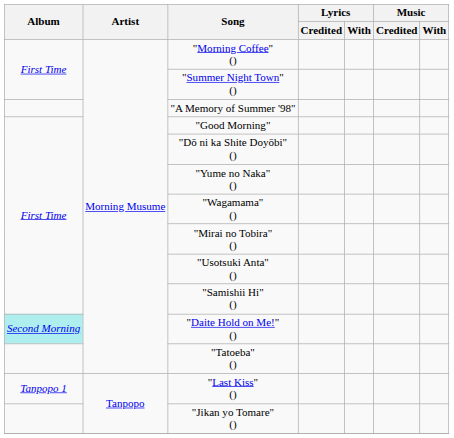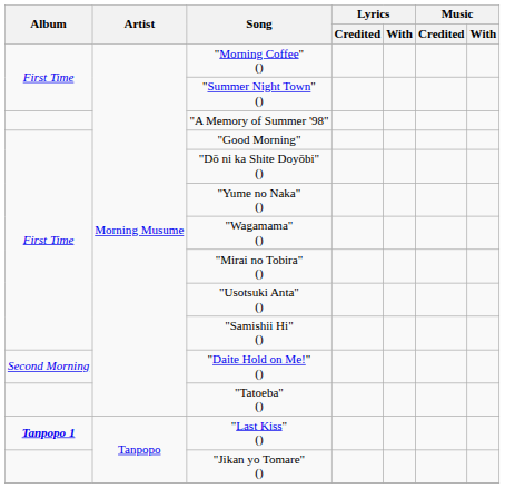 <table class="wikitable">
 <tr>
 <th rowspan="2">Album</th>
 <th rowspan="2">Artist</th>
 <th rowspan="2">Song</th>
 <th colspan="2">Lyrics</th>
 <th colspan="2">Music</th>
 </tr>
 <tr>
 <th>Credited</th>
 <th>With</th>
 <th>Credited</th>
 <th>With</th>
 </tr>
 <tr>
 <td align="center" rowspan="2"><em><a href='#'>First Time</a></em></td>
 <td align="center" rowspan="12"><a href='#'>Morning Musume</a></td>
 <td align="center">"<a href='#'>Morning Coffee</a>"<br>()</td>
 <td></td>
 <td></td>
 <td></td>
 <td></td>
 </tr>
 <tr>
 <td align="center">"<a href='#'>Summer Night Town</a>"<br>()</td>
 <td></td>
 <td></td>
 <td></td>
 <td></td>
 </tr>
 <tr>
 <td></td>
 <td align="center">"A Memory of Summer '98"</td>
 <td></td>
 <td></td>
 <td></td>
 <td></td>
 </tr>
 <tr>
 <td align="center" rowspan="7"><em><a href='#'>First Time</a></em></td>
 <td align="center">"Good Morning"</td>
 <td></td>
 <td></td>
 <td></td>
 <td></td>
 </tr>
 <tr>
 <td align="center">"Dō ni ka Shite Doyōbi"<br>()</td>
 <td></td>
 <td></td>
 <td></td>
 <td></td>
 </tr>
 <tr>
 <td align="center">"Yume no Naka"<br>()</td>
 <td></td>
 <td></td>
 <td></td>
 <td></td>
 </tr>
 <tr>
 <td align="center">"Wagamama"<br>()</td>
 <td></td>
 <td></td>
 <td></td>
 <td></td>
 </tr>
 <tr>
 <td align="center">"Mirai no Tobira"<br>()</td>
 <td></td>
 <td></td>
 <td></td>
 <td></td>
 </tr>
 <tr>
 <td align="center">"Usotsuki Anta"<br>()</td>
 <td></td>
 <td></td>
 <td></td>
 <td></td>
 </tr>
 <tr>
 <td align="center">"Samishii Hi"<br>()</td>
 <td></td>
 <td></td>
 <td></td>
 <td></td>
 </tr>
 <tr>
-<td align="center" style="background: paleturquoise;"><em><a href='#'>Second Morning</a></em></td>
+<td align="center"><em><a href='#'>Second Morning</a></em></td>
 <td align="center">"<a href='#'>Daite Hold on Me!</a>"<br>()</td>
 <td></td>
 <td></td>
 <td></td>
 <td></td>
 </tr>
 <tr>
 <td></td>
 <td align="center">"Tatoeba"<br>()</td>
 <td></td>
 <td></td>
 <td></td>
 <td></td>
 </tr>
 <tr>
-<td align="center"><em><a href='#'>Tanpopo 1</a></em></td>
+<td align="center"><strong><em><a href='#'>Tanpopo 1</a></em></strong></td>
 <td align="center" rowspan="2"><a href='#'>Tanpopo</a></td>
 <td align="center">"<a href='#'>Last Kiss</a>"<br>()</td>
 <td></td>
 <td></td>
 <td></td>
 <td></td>
 </tr>
 <tr>
 <td></td>
 <td align="center">"Jikan yo Tomare"<br>()</td>
 <td></td>
 <td></td>
 <td></td>
 <td></td>
 </tr>
 <tr>
 </tr>
 </table>
